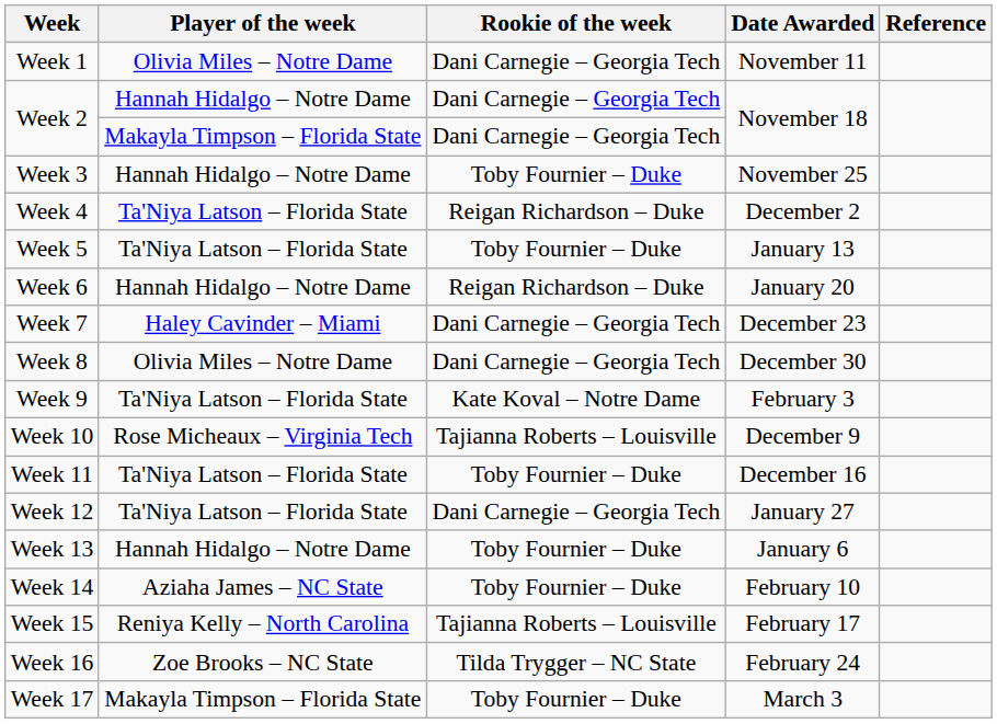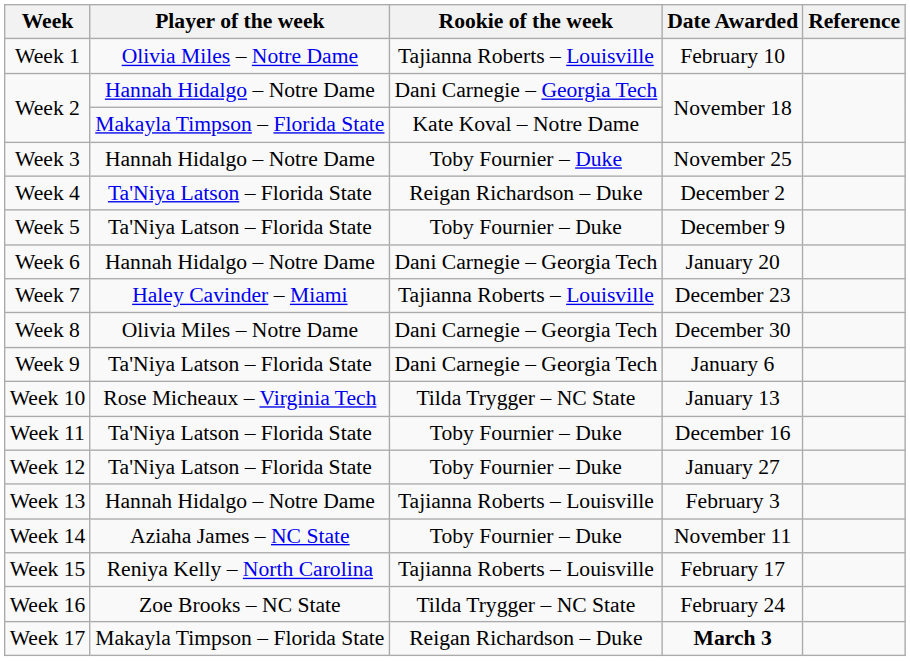 <table class="wikitable" border="1" style="text-align: center;">
 <tr>
 <th>Week</th>
 <th>Player of the week</th>
 <th>Rookie of the week</th>
 <th>Date Awarded</th>
 <th>Reference</th>
 </tr>
 <tr>
 <td>Week 1</td>
 <td><a href='#'>Olivia Miles</a> – <a href='#'>Notre Dame</a></td>
-<td>Dani Carnegie  – Georgia Tech</td>
-<td>November 11</td>
+<td>Tajianna Roberts – <a href='#'>Louisville</a></td>
+<td>February 10</td>
 <td></td>
 </tr>
 <tr>
 <td rowspan=2>Week 2</td>
 <td><a href='#'>Hannah Hidalgo</a> – Notre Dame</td>
 <td>Dani Carnegie – <a href='#'>Georgia Tech</a></td>
 <td rowspan=2>November 18</td>
 <td rowspan=2></td>
 </tr>
 <tr>
 <td><a href='#'>Makayla Timpson</a> – <a href='#'>Florida State</a></td>
-<td>Dani Carnegie  – Georgia Tech</td>
+<td>Kate Koval – Notre Dame</td>
 </tr>
 <tr>
 <td>Week 3</td>
 <td>Hannah Hidalgo  – Notre Dame</td>
 <td>Toby Fournier – <a href='#'>Duke</a></td>
 <td>November 25</td>
 <td></td>
 </tr>
 <tr>
 <td>Week 4</td>
 <td><a href='#'>Ta'Niya Latson</a> – Florida State</td>
 <td>Reigan Richardson – Duke</td>
 <td>December 2</td>
 <td></td>
 </tr>
 <tr>
 <td>Week 5</td>
 <td>Ta'Niya Latson  – Florida State</td>
 <td>Toby Fournier  – Duke</td>
-<td>January 13</td>
+<td>December 9</td>
 <td></td>
 </tr>
 <tr>
 <td>Week 6</td>
 <td>Hannah Hidalgo  – Notre Dame</td>
-<td>Reigan Richardson – Duke</td>
+<td>Dani Carnegie  – Georgia Tech</td>
 <td>January 20</td>
 <td></td>
 </tr>
 <tr>
 <td>Week 7</td>
 <td><a href='#'>Haley Cavinder</a> – <a href='#'>Miami</a></td>
-<td>Dani Carnegie  – Georgia Tech</td>
+<td>Tajianna Roberts – <a href='#'>Louisville</a></td>
 <td>December 23</td>
 <td></td>
 </tr>
 <tr>
 <td>Week 8</td>
 <td>Olivia Miles  – Notre Dame</td>
 <td>Dani Carnegie  – Georgia Tech</td>
 <td>December 30</td>
 <td></td>
 </tr>
 <tr>
 <td>Week 9</td>
 <td>Ta'Niya Latson  – Florida State</td>
-<td>Kate Koval – Notre Dame</td>
-<td>February 3</td>
+<td>Dani Carnegie  – Georgia Tech</td>
+<td>January 6</td>
 <td></td>
 </tr>
 <tr>
 <td>Week 10</td>
 <td>Rose Micheaux – <a href='#'>Virginia Tech</a></td>
-<td>Tajianna Roberts  – Louisville</td>
-<td>December 9</td>
+<td>Tilda Trygger – NC State</td>
+<td>January 13</td>
 <td></td>
 </tr>
 <tr>
 <td>Week 11</td>
 <td>Ta'Niya Latson  – Florida State</td>
 <td>Toby Fournier  – Duke</td>
 <td>December 16</td>
 <td></td>
 </tr>
 <tr>
 <td>Week 12</td>
 <td>Ta'Niya Latson  – Florida State</td>
-<td>Dani Carnegie  – Georgia Tech</td>
+<td>Toby Fournier  – Duke</td>
 <td>January 27</td>
 <td></td>
 </tr>
 <tr>
 <td>Week 13</td>
 <td>Hannah Hidalgo  – Notre Dame</td>
-<td>Toby Fournier  – Duke</td>
-<td>January 6</td>
+<td>Tajianna Roberts  – Louisville</td>
+<td>February 3</td>
 <td></td>
 </tr>
 <tr>
 <td>Week 14</td>
 <td>Aziaha James – <a href='#'>NC State</a></td>
 <td>Toby Fournier  – Duke</td>
-<td>February 10</td>
+<td>November 11</td>
 <td></td>
 </tr>
 <tr>
 <td>Week 15</td>
 <td>Reniya Kelly – <a href='#'>North Carolina</a></td>
 <td>Tajianna Roberts  – Louisville</td>
 <td>February 17</td>
 <td></td>
 </tr>
 <tr>
 <td>Week 16</td>
 <td>Zoe Brooks – NC State</td>
 <td>Tilda Trygger – NC State</td>
 <td>February 24</td>
 <td></td>
 </tr>
 <tr>
 <td>Week 17</td>
 <td>Makayla Timpson  – Florida State</td>
-<td>Toby Fournier  – Duke</td>
-<td>March 3</td>
+<td>Reigan Richardson – Duke</td>
+<td><strong>March 3</strong></td>
 <td></td>
 </tr>
 </table>
